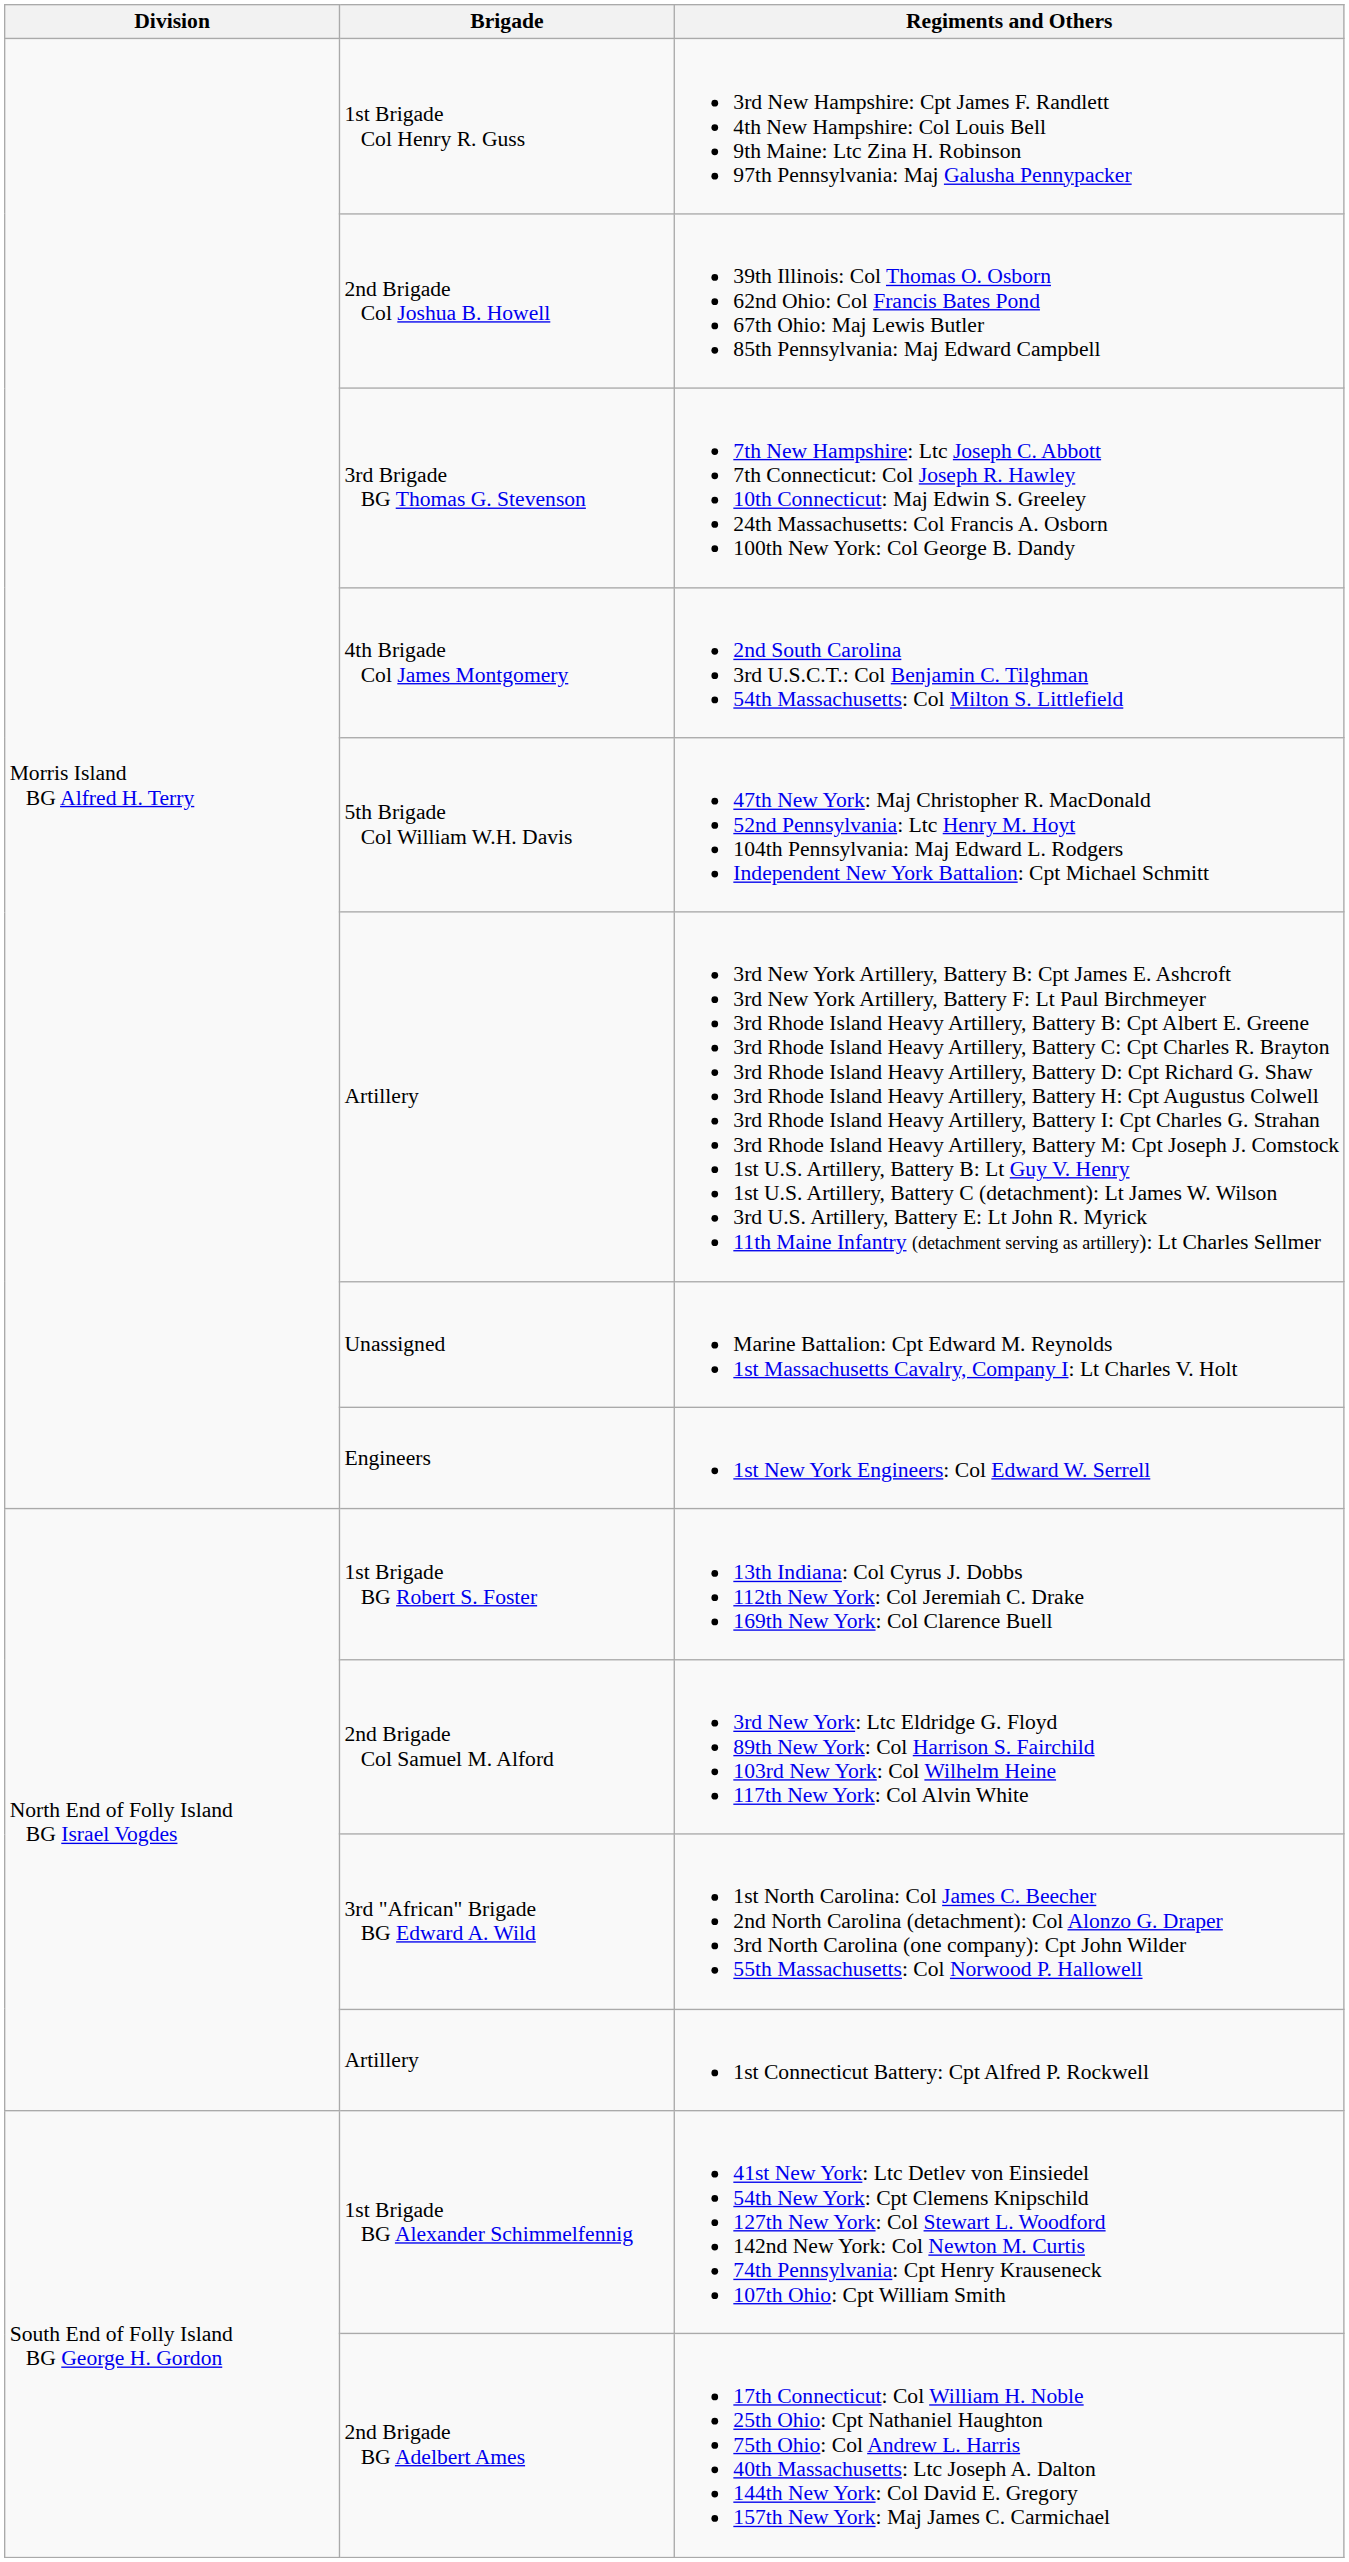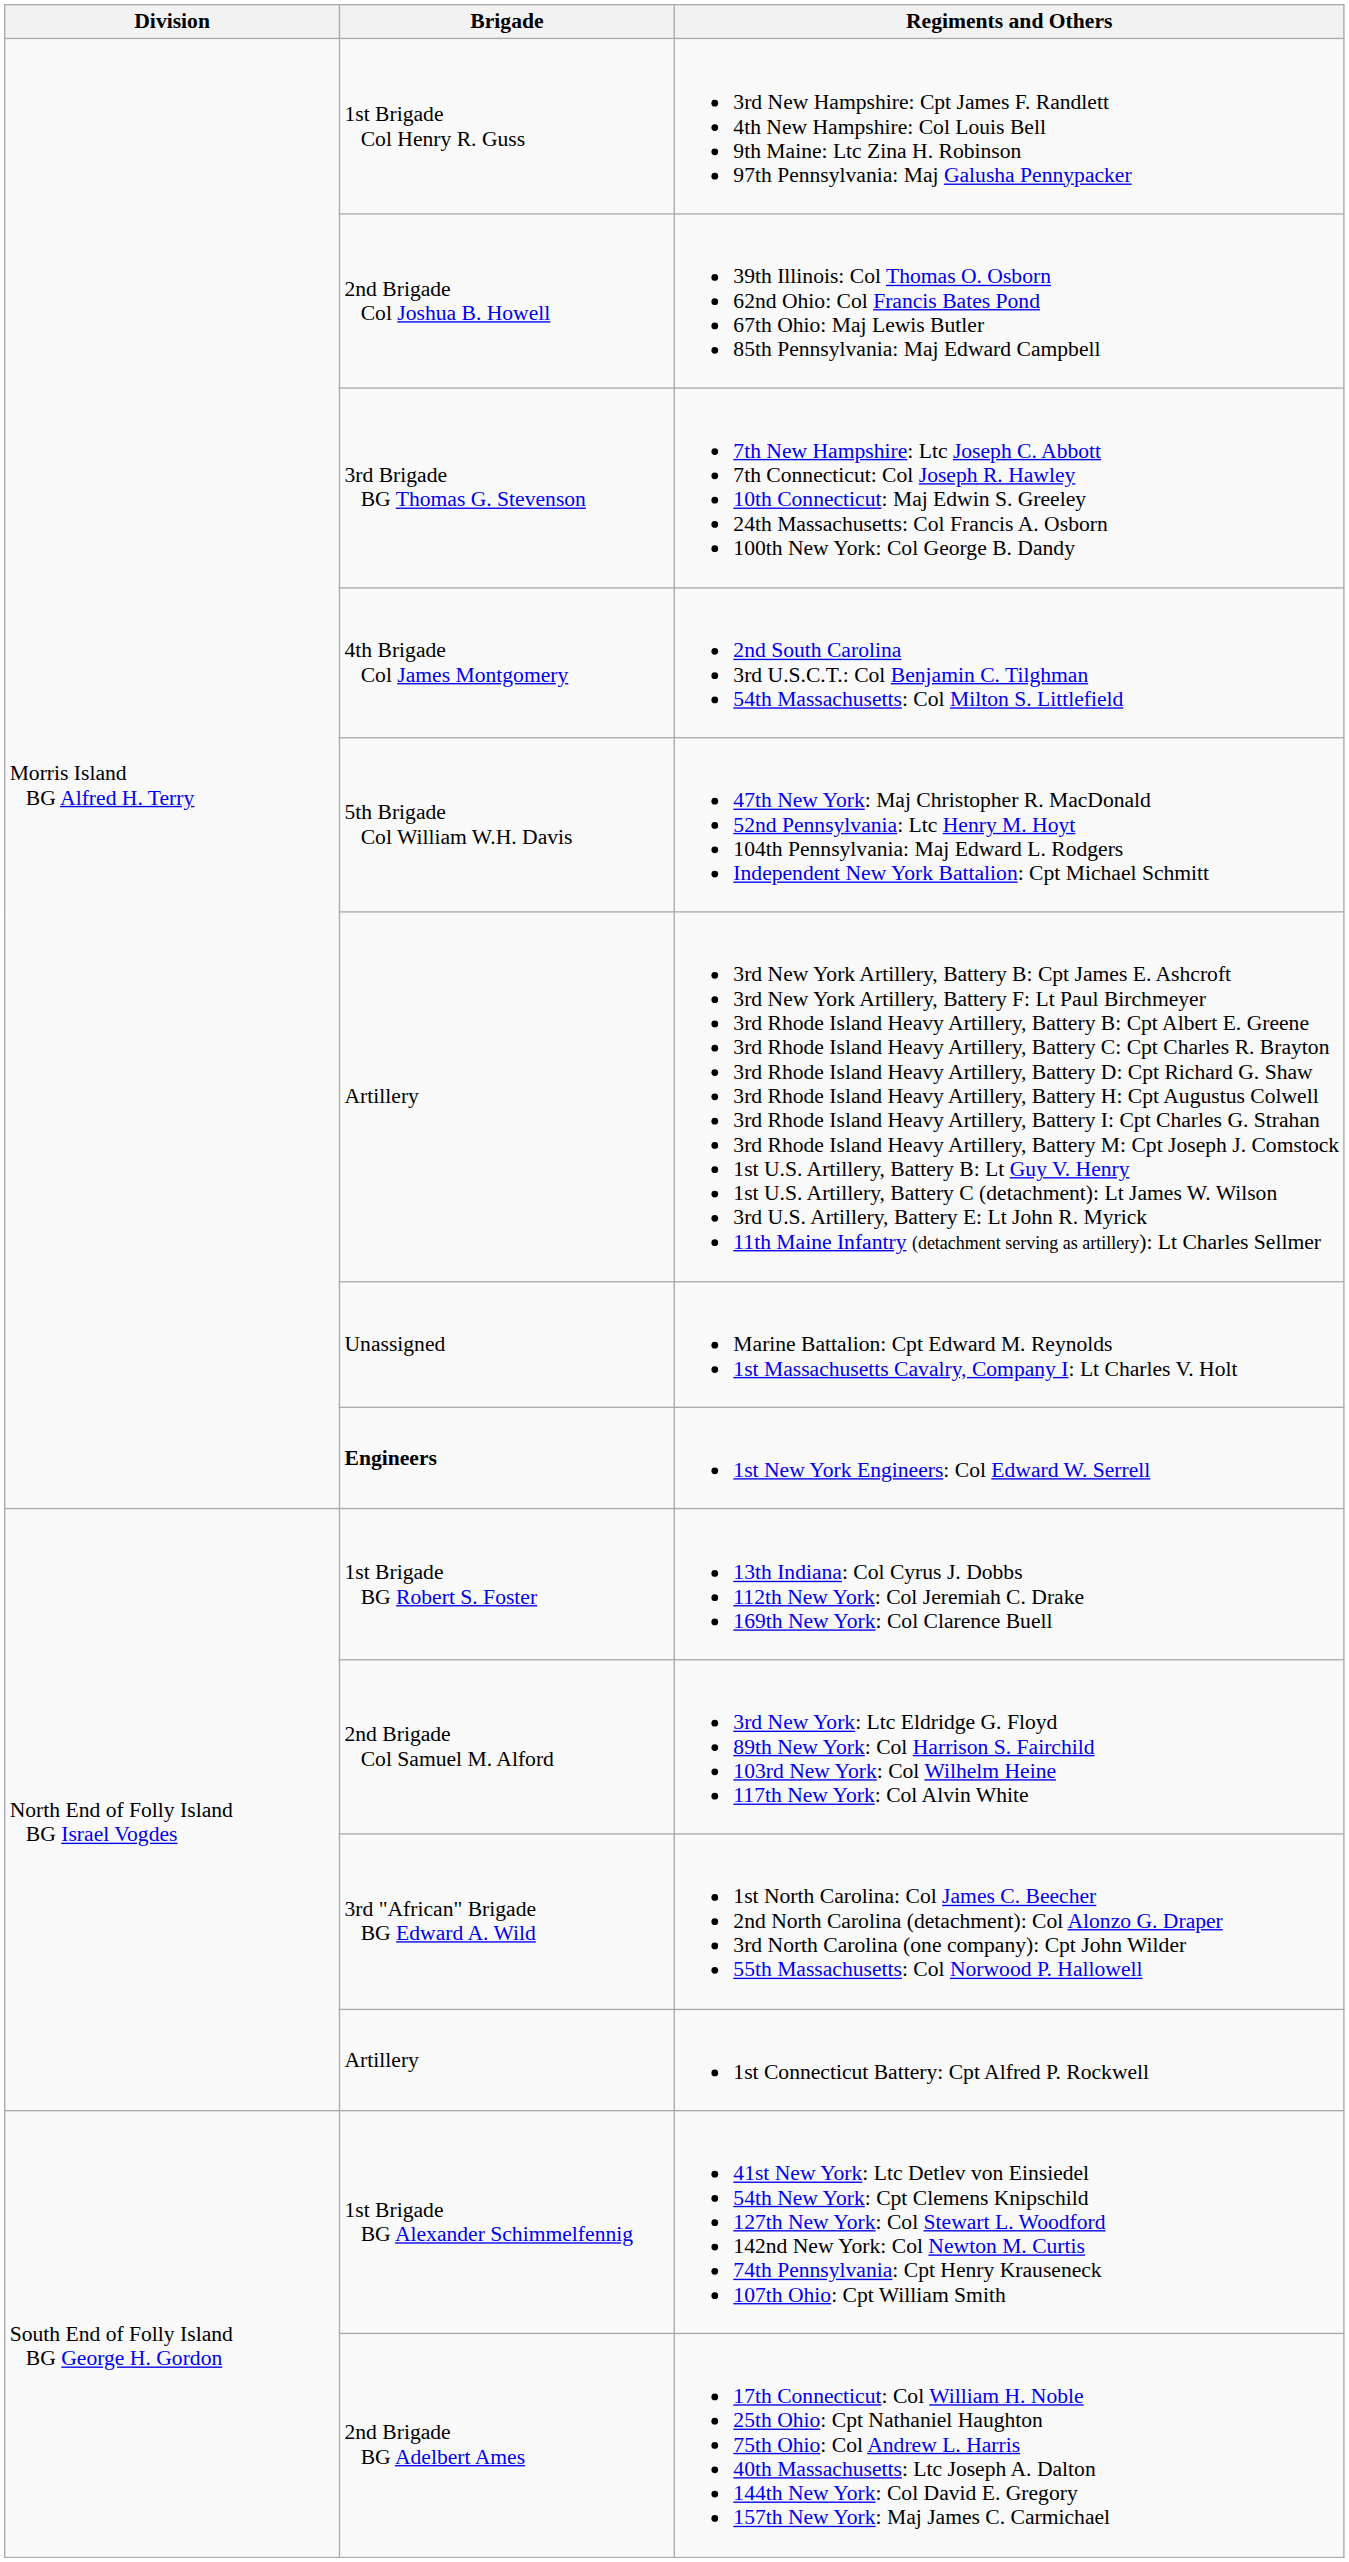 <table class="wikitable">
 <tr>
 <th width=25%>Division</th>
 <th width=25%>Brigade</th>
 <th>Regiments and Others</th>
 </tr>
 <tr>
 <td rowspan=8><br>Morris Island <br>   BG <a href='#'>Alfred H. Terry</a></td>
 <td>1st Brigade<br>   Col Henry R. Guss</td>
 <td><br><ul><li>3rd New Hampshire: Cpt James F. Randlett</li><li>4th New Hampshire: Col Louis Bell</li><li>9th Maine: Ltc Zina H. Robinson</li><li>97th Pennsylvania: Maj <a href='#'>Galusha Pennypacker</a></li></ul></td>
 </tr>
 <tr>
 <td>2nd Brigade<br>   Col <a href='#'>Joshua B. Howell</a></td>
 <td><br><ul><li>39th Illinois: Col <a href='#'>Thomas O. Osborn</a></li><li>62nd Ohio: Col <a href='#'>Francis Bates Pond</a></li><li>67th Ohio: Maj Lewis Butler</li><li>85th Pennsylvania: Maj Edward Campbell</li></ul></td>
 </tr>
 <tr>
 <td>3rd Brigade<br>   BG <a href='#'>Thomas G. Stevenson</a></td>
 <td><br><ul><li><a href='#'>7th New Hampshire</a>: Ltc <a href='#'>Joseph C. Abbott</a></li><li>7th Connecticut: Col <a href='#'>Joseph R. Hawley</a></li><li><a href='#'>10th Connecticut</a>: Maj Edwin S. Greeley</li><li>24th Massachusetts: Col Francis A. Osborn</li><li>100th New York: Col George B. Dandy</li></ul></td>
 </tr>
 <tr>
 <td>4th Brigade<br>   Col <a href='#'>James Montgomery</a></td>
 <td><br><ul><li><a href='#'>2nd South Carolina</a></li><li>3rd U.S.C.T.: Col <a href='#'>Benjamin C. Tilghman</a></li><li><a href='#'>54th Massachusetts</a>: Col <a href='#'>Milton S. Littlefield</a></li></ul></td>
 </tr>
 <tr>
 <td>5th Brigade<br>   Col William W.H. Davis</td>
 <td><br><ul><li><a href='#'>47th New York</a>: Maj Christopher R. MacDonald</li><li><a href='#'>52nd Pennsylvania</a>: Ltc <a href='#'>Henry M. Hoyt</a></li><li>104th Pennsylvania: Maj Edward L. Rodgers</li><li><a href='#'>Independent New York Battalion</a>: Cpt Michael Schmitt</li></ul></td>
 </tr>
 <tr>
 <td>Artillery</td>
 <td><br><ul><li>3rd New York Artillery, Battery B: Cpt James E. Ashcroft</li><li>3rd New York Artillery, Battery F: Lt Paul Birchmeyer</li><li>3rd Rhode Island Heavy Artillery, Battery B: Cpt Albert E. Greene</li><li>3rd Rhode Island Heavy Artillery, Battery C: Cpt Charles R. Brayton</li><li>3rd Rhode Island Heavy Artillery, Battery D: Cpt Richard G. Shaw</li><li>3rd Rhode Island Heavy Artillery, Battery H: Cpt Augustus Colwell</li><li>3rd Rhode Island Heavy Artillery, Battery I: Cpt Charles G. Strahan</li><li>3rd Rhode Island Heavy Artillery, Battery M: Cpt Joseph J. Comstock</li><li>1st U.S. Artillery, Battery B: Lt <a href='#'>Guy V. Henry</a></li><li>1st U.S. Artillery, Battery C (detachment): Lt James W. Wilson</li><li>3rd U.S. Artillery, Battery E: Lt John R. Myrick</li><li><a href='#'>11th Maine Infantry</a> <small>(detachment serving as artillery</small>): Lt Charles Sellmer</li></ul></td>
 </tr>
 <tr>
 <td>Unassigned</td>
 <td><br><ul><li>Marine Battalion: Cpt Edward M. Reynolds</li><li><a href='#'>1st Massachusetts Cavalry, Company I</a>: Lt Charles V. Holt</li></ul></td>
 </tr>
 <tr>
-<td>Engineers</td>
+<td><strong>Engineers</strong></td>
 <td><br><ul><li><a href='#'>1st New York Engineers</a>: Col <a href='#'>Edward W. Serrell</a></li></ul></td>
 </tr>
 <tr>
 <td rowspan=4><br>North End of Folly Island <br>   BG <a href='#'>Israel Vogdes</a></td>
 <td>1st Brigade<br>   BG <a href='#'>Robert S. Foster</a></td>
 <td><br><ul><li><a href='#'>13th Indiana</a>: Col Cyrus J. Dobbs</li><li><a href='#'>112th New York</a>: Col Jeremiah C. Drake</li><li><a href='#'>169th New York</a>: Col Clarence Buell</li></ul></td>
 </tr>
 <tr>
 <td>2nd Brigade<br>   Col Samuel M. Alford</td>
 <td><br><ul><li><a href='#'>3rd New York</a>: Ltc Eldridge G. Floyd</li><li><a href='#'>89th New York</a>: Col <a href='#'>Harrison S. Fairchild</a></li><li><a href='#'>103rd New York</a>: Col <a href='#'>Wilhelm Heine</a></li><li><a href='#'>117th New York</a>: Col Alvin White</li></ul></td>
 </tr>
 <tr>
 <td>3rd "African" Brigade<br>   BG <a href='#'>Edward A. Wild</a></td>
 <td><br><ul><li>1st North Carolina: Col <a href='#'>James C. Beecher</a></li><li>2nd North Carolina (detachment): Col <a href='#'>Alonzo G. Draper</a></li><li>3rd North Carolina (one company): Cpt John Wilder</li><li><a href='#'>55th Massachusetts</a>: Col <a href='#'>Norwood P. Hallowell</a></li></ul></td>
 </tr>
 <tr>
 <td>Artillery</td>
 <td><br><ul><li>1st Connecticut Battery: Cpt Alfred P. Rockwell</li></ul></td>
 </tr>
 <tr>
 <td rowspan=2><br>South End of Folly Island <br>   BG <a href='#'>George H. Gordon</a></td>
 <td>1st Brigade<br>   BG <a href='#'>Alexander Schimmelfennig</a></td>
 <td><br><ul><li><a href='#'>41st New York</a>: Ltc Detlev von Einsiedel</li><li><a href='#'>54th New York</a>: Cpt Clemens Knipschild</li><li><a href='#'>127th New York</a>: Col <a href='#'>Stewart L. Woodford</a></li><li>142nd New York: Col <a href='#'>Newton M. Curtis</a></li><li><a href='#'>74th Pennsylvania</a>: Cpt Henry Krauseneck</li><li><a href='#'>107th Ohio</a>: Cpt William Smith</li></ul></td>
 </tr>
 <tr>
 <td>2nd Brigade<br>   BG <a href='#'>Adelbert Ames</a></td>
 <td><br><ul><li><a href='#'>17th Connecticut</a>: Col <a href='#'>William H. Noble</a></li><li><a href='#'>25th Ohio</a>: Cpt Nathaniel Haughton</li><li><a href='#'>75th Ohio</a>: Col <a href='#'>Andrew L. Harris</a></li><li><a href='#'>40th Massachusetts</a>: Ltc Joseph A. Dalton</li><li><a href='#'>144th New York</a>: Col David E. Gregory</li><li><a href='#'>157th New York</a>: Maj James C. Carmichael</li></ul></td>
 </tr>
 </table>
